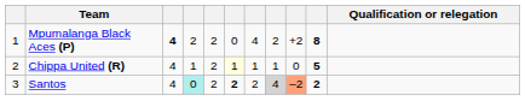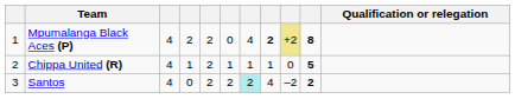 <table class="wikitable" style="text-align: center;">
 <tr>
 <th width="20"></th>
 <th width="175">Team</th>
 <th width="20"></th>
 <th width="20"></th>
 <th width="20"></th>
 <th width="20"></th>
 <th width="20"></th>
 <th width="20"></th>
 <th width="20"></th>
 <th width="20"></th>
 <th width=250>Qualification or relegation</th>
 </tr>
 <tr>
 <td>1</td>
 <td align="left"><a href='#'>Mpumalanga Black Aces</a> <strong>(P)</strong></td>
-<td><strong>4</strong></td>
+<td>4</td>
 <td>2</td>
 <td>2</td>
 <td>0</td>
 <td>4</td>
-<td>2</td>
-<td>+2</td>
+<td><strong>2</strong></td>
+<td style="background: khaki;">+2</td>
 <td><strong>8</strong></td>
 </tr>
 <tr>
 <td>2</td>
 <td align="left"><a href='#'>Chippa United</a> <strong>(R)</strong></td>
 <td>4</td>
 <td>1</td>
 <td>2</td>
-<td style="background: lightyellow;">1</td>
+<td>1</td>
 <td>1</td>
 <td>1</td>
 <td>0</td>
 <td><strong>5</strong></td>
 <td></td>
 </tr>
 <tr>
 <td>3</td>
 <td align="left"><a href='#'>Santos</a></td>
 <td>4</td>
-<td style="background: paleturquoise;">0</td>
+<td>0</td>
 <td>2</td>
-<td><strong>2</strong></td>
 <td>2</td>
-<td style="background: lightgrey;">4</td>
-<td style="background: lightsalmon;">–2</td>
+<td style="background: paleturquoise;">2</td>
+<td>4</td>
+<td>–2</td>
 <td><strong>2</strong></td>
 <td></td>
 </tr>
 </table>
